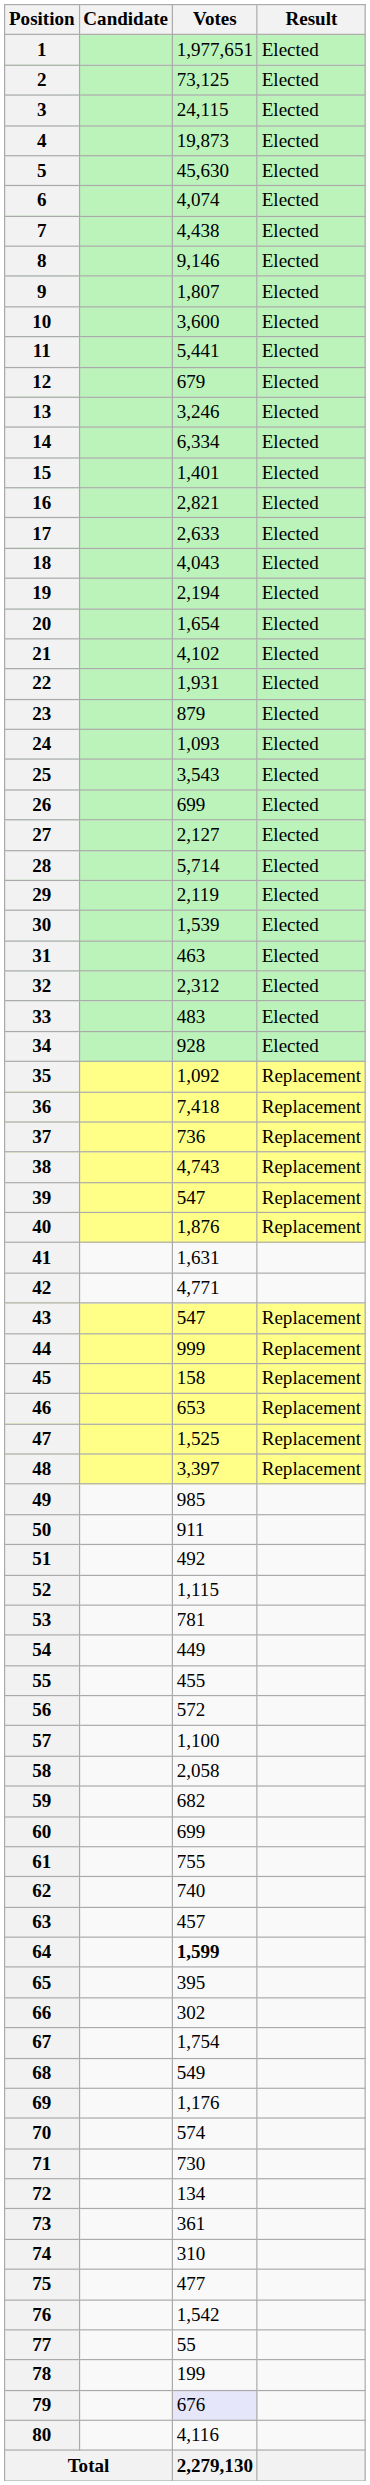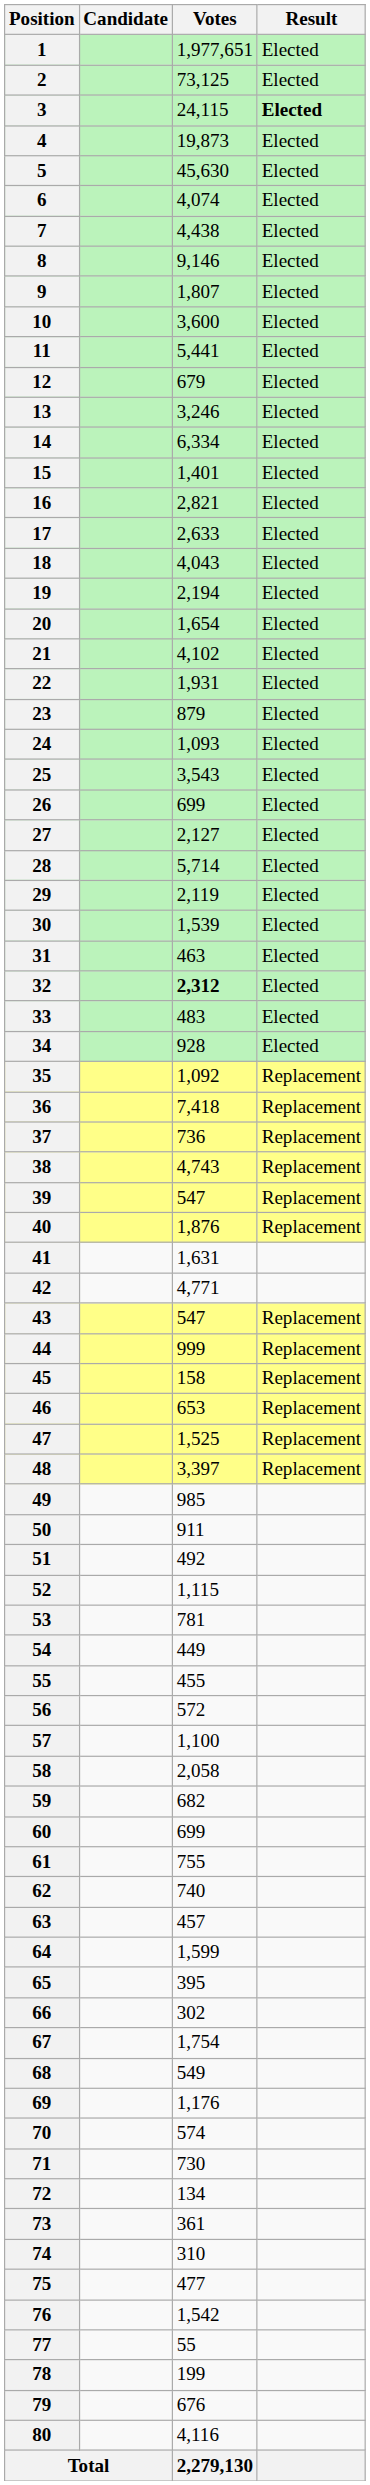 <table class="wikitable sortable col3right">
 <tr>
 <th scope="col">Position</th>
 <th scope="col">Candidate</th>
 <th scope="col">Votes</th>
 <th scope="col">Result</th>
 </tr>
 <tr bgcolor=bbf3bb>
 <th scope="row">1</th>
 <td></td>
 <td>1,977,651</td>
 <td>Elected</td>
 </tr>
 <tr bgcolor=bbf3bb>
 <th scope="row">2</th>
 <td></td>
 <td>73,125</td>
 <td>Elected</td>
 </tr>
 <tr bgcolor=bbf3bb>
 <th scope="row">3</th>
 <td></td>
 <td>24,115</td>
-<td>Elected</td>
+<td><strong>Elected</strong></td>
 </tr>
 <tr bgcolor=bbf3bb>
 <th scope="row">4</th>
 <td></td>
 <td>19,873</td>
 <td>Elected</td>
 </tr>
 <tr bgcolor=bbf3bb>
 <th scope="row">5</th>
 <td></td>
 <td>45,630</td>
 <td>Elected</td>
 </tr>
 <tr bgcolor=bbf3bb>
 <th scope="row">6</th>
 <td></td>
 <td>4,074</td>
 <td>Elected</td>
 </tr>
 <tr bgcolor=bbf3bb>
 <th scope="row">7</th>
 <td></td>
 <td>4,438</td>
 <td>Elected</td>
 </tr>
 <tr bgcolor=bbf3bb>
 <th scope="row">8</th>
 <td></td>
 <td>9,146</td>
 <td>Elected</td>
 </tr>
 <tr bgcolor=bbf3bb>
 <th scope="row">9</th>
 <td></td>
 <td>1,807</td>
 <td>Elected</td>
 </tr>
 <tr bgcolor=bbf3bb>
 <th scope="row">10</th>
 <td></td>
 <td>3,600</td>
 <td>Elected</td>
 </tr>
 <tr bgcolor=bbf3bb>
 <th scope="row">11</th>
 <td></td>
 <td>5,441</td>
 <td>Elected</td>
 </tr>
 <tr bgcolor=bbf3bb>
 <th scope="row">12</th>
 <td></td>
 <td>679</td>
 <td>Elected</td>
 </tr>
 <tr bgcolor=bbf3bb>
 <th scope="row">13</th>
 <td></td>
 <td>3,246</td>
 <td>Elected</td>
 </tr>
 <tr bgcolor=bbf3bb>
 <th scope="row">14</th>
 <td></td>
 <td>6,334</td>
 <td>Elected</td>
 </tr>
 <tr bgcolor=bbf3bb>
 <th scope="row">15</th>
 <td></td>
 <td>1,401</td>
 <td>Elected</td>
 </tr>
 <tr bgcolor=bbf3bb>
 <th scope="row">16</th>
 <td></td>
 <td>2,821</td>
 <td>Elected</td>
 </tr>
 <tr bgcolor=bbf3bb>
 <th scope="row">17</th>
 <td></td>
 <td>2,633</td>
 <td>Elected</td>
 </tr>
 <tr bgcolor=bbf3bb>
 <th scope="row">18</th>
 <td></td>
 <td>4,043</td>
 <td>Elected</td>
 </tr>
 <tr bgcolor=bbf3bb>
 <th scope="row">19</th>
 <td></td>
 <td>2,194</td>
 <td>Elected</td>
 </tr>
 <tr bgcolor=bbf3bb>
 <th scope="row">20</th>
 <td></td>
 <td>1,654</td>
 <td>Elected</td>
 </tr>
 <tr bgcolor=bbf3bb>
 <th scope="row">21</th>
 <td></td>
 <td>4,102</td>
 <td>Elected</td>
 </tr>
 <tr bgcolor=bbf3bb>
 <th scope="row">22</th>
 <td></td>
 <td>1,931</td>
 <td>Elected</td>
 </tr>
 <tr bgcolor=bbf3bb>
 <th scope="row">23</th>
 <td></td>
 <td>879</td>
 <td>Elected</td>
 </tr>
 <tr bgcolor=bbf3bb>
 <th scope="row">24</th>
 <td></td>
 <td>1,093</td>
 <td>Elected</td>
 </tr>
 <tr bgcolor=bbf3bb>
 <th scope="row">25</th>
 <td></td>
 <td>3,543</td>
 <td>Elected</td>
 </tr>
 <tr bgcolor=bbf3bb>
 <th scope="row">26</th>
 <td></td>
 <td>699</td>
 <td>Elected</td>
 </tr>
 <tr bgcolor=bbf3bb>
 <th scope="row">27</th>
 <td></td>
 <td>2,127</td>
 <td>Elected</td>
 </tr>
 <tr bgcolor=bbf3bb>
 <th scope="row">28</th>
 <td></td>
 <td>5,714</td>
 <td>Elected</td>
 </tr>
 <tr bgcolor=bbf3bb>
 <th scope="row">29</th>
 <td></td>
 <td>2,119</td>
 <td>Elected</td>
 </tr>
 <tr bgcolor=bbf3bb>
 <th scope="row">30</th>
 <td></td>
 <td>1,539</td>
 <td>Elected</td>
 </tr>
 <tr bgcolor=bbf3bb>
 <th scope="row">31</th>
 <td></td>
 <td>463</td>
 <td>Elected</td>
 </tr>
 <tr bgcolor=bbf3bb>
 <th scope="row">32</th>
 <td></td>
-<td>2,312</td>
+<td><strong>2,312</strong></td>
 <td>Elected</td>
 </tr>
 <tr bgcolor=bbf3bb>
 <th scope="row">33</th>
 <td></td>
 <td>483</td>
 <td>Elected</td>
 </tr>
 <tr bgcolor=bbf3bb>
 <th scope="row">34</th>
 <td></td>
 <td>928</td>
 <td>Elected</td>
 </tr>
 <tr bgcolor=#FF8>
 <th scope="row">35</th>
 <td></td>
 <td>1,092</td>
 <td>Replacement</td>
 </tr>
 <tr bgcolor=#FF8>
 <th scope="row">36</th>
 <td></td>
 <td>7,418</td>
 <td>Replacement</td>
 </tr>
 <tr bgcolor=#FF8>
 <th scope="row">37</th>
 <td></td>
 <td>736</td>
 <td>Replacement</td>
 </tr>
 <tr bgcolor=#FF8>
 <th scope="row">38</th>
 <td></td>
 <td>4,743</td>
 <td>Replacement</td>
 </tr>
 <tr bgcolor=#FF8>
 <th scope="row">39</th>
 <td></td>
 <td>547</td>
 <td>Replacement</td>
 </tr>
 <tr bgcolor=#FF8>
 <th scope="row">40</th>
 <td></td>
 <td>1,876</td>
 <td>Replacement</td>
 </tr>
 <tr>
 <th scope="row">41</th>
 <td></td>
 <td>1,631</td>
 <td></td>
 </tr>
 <tr>
 <th scope="row">42</th>
 <td></td>
 <td>4,771</td>
 <td></td>
 </tr>
 <tr bgcolor=#FF8>
 <th scope="row">43</th>
 <td></td>
 <td>547</td>
 <td>Replacement</td>
 </tr>
 <tr bgcolor=#FF8>
 <th scope="row">44</th>
 <td></td>
 <td>999</td>
 <td>Replacement</td>
 </tr>
 <tr bgcolor=#FF8>
 <th scope="row">45</th>
 <td></td>
 <td>158</td>
 <td>Replacement</td>
 </tr>
 <tr bgcolor=#FF8>
 <th scope="row">46</th>
 <td></td>
 <td>653</td>
 <td>Replacement</td>
 </tr>
 <tr bgcolor=#FF8>
 <th scope="row">47</th>
 <td></td>
 <td>1,525</td>
 <td>Replacement</td>
 </tr>
 <tr bgcolor=#FF8>
 <th scope="row">48</th>
 <td></td>
 <td>3,397</td>
 <td>Replacement</td>
 </tr>
 <tr>
 <th scope="row">49</th>
 <td></td>
 <td>985</td>
 <td></td>
 </tr>
 <tr>
 <th scope="row">50</th>
 <td></td>
 <td>911</td>
 <td></td>
 </tr>
 <tr>
 <th scope="row">51</th>
 <td></td>
 <td>492</td>
 <td></td>
 </tr>
 <tr>
 <th scope="row">52</th>
 <td></td>
 <td>1,115</td>
 <td></td>
 </tr>
 <tr>
 <th scope="row">53</th>
 <td></td>
 <td>781</td>
 <td></td>
 </tr>
 <tr>
 <th scope="row">54</th>
 <td></td>
 <td>449</td>
 <td></td>
 </tr>
 <tr>
 <th scope="row">55</th>
 <td></td>
 <td>455</td>
 <td></td>
 </tr>
 <tr>
 <th scope="row">56</th>
 <td></td>
 <td>572</td>
 <td></td>
 </tr>
 <tr>
 <th scope="row">57</th>
 <td></td>
 <td>1,100</td>
 <td></td>
 </tr>
 <tr>
 <th scope="row">58</th>
 <td></td>
 <td>2,058</td>
 <td></td>
 </tr>
 <tr>
 <th scope="row">59</th>
 <td></td>
 <td>682</td>
 <td></td>
 </tr>
 <tr>
 <th scope="row">60</th>
 <td></td>
 <td>699</td>
 <td></td>
 </tr>
 <tr>
 <th scope="row">61</th>
 <td></td>
 <td>755</td>
 <td></td>
 </tr>
 <tr>
 <th scope="row">62</th>
 <td></td>
 <td>740</td>
 <td></td>
 </tr>
 <tr>
 <th scope="row">63</th>
 <td></td>
 <td>457</td>
 <td></td>
 </tr>
 <tr>
 <th scope="row">64</th>
 <td></td>
-<td><strong>1,599</strong></td>
+<td>1,599</td>
 <td></td>
 </tr>
 <tr>
 <th scope="row">65</th>
 <td></td>
 <td>395</td>
 <td></td>
 </tr>
 <tr>
 <th scope="row">66</th>
 <td></td>
 <td>302</td>
 <td></td>
 </tr>
 <tr>
 <th scope="row">67</th>
 <td></td>
 <td>1,754</td>
 <td></td>
 </tr>
 <tr>
 <th scope="row">68</th>
 <td></td>
 <td>549</td>
 <td></td>
 </tr>
 <tr>
 <th scope="row">69</th>
 <td></td>
 <td>1,176</td>
 <td></td>
 </tr>
 <tr>
 <th scope="row">70</th>
 <td></td>
 <td>574</td>
 <td></td>
 </tr>
 <tr>
 <th scope="row">71</th>
 <td></td>
 <td>730</td>
 <td></td>
 </tr>
 <tr>
 <th scope="row">72</th>
 <td></td>
 <td>134</td>
 <td></td>
 </tr>
 <tr>
 <th scope="row">73</th>
 <td></td>
 <td>361</td>
 <td></td>
 </tr>
 <tr>
 <th scope="row">74</th>
 <td></td>
 <td>310</td>
 <td></td>
 </tr>
 <tr>
 <th scope="row">75</th>
 <td></td>
 <td>477</td>
 <td></td>
 </tr>
 <tr>
 <th scope="row">76</th>
 <td></td>
 <td>1,542</td>
 <td></td>
 </tr>
 <tr>
 <th scope="row">77</th>
 <td></td>
 <td>55</td>
 <td></td>
 </tr>
 <tr>
 <th scope="row">78</th>
 <td></td>
 <td>199</td>
 <td></td>
 </tr>
 <tr>
 <th scope="row">79</th>
 <td></td>
-<td style="background: lavender;">676</td>
+<td>676</td>
 <td></td>
 </tr>
 <tr>
 <th scope="row">80</th>
 <td></td>
 <td>4,116</td>
 <td></td>
 </tr>
 <tr class=sortbottom>
 <th scope="row" colspan="2">Total</th>
 <th>2,279,130</th>
 <th colspan="2"></th>
 </tr>
 </table>
